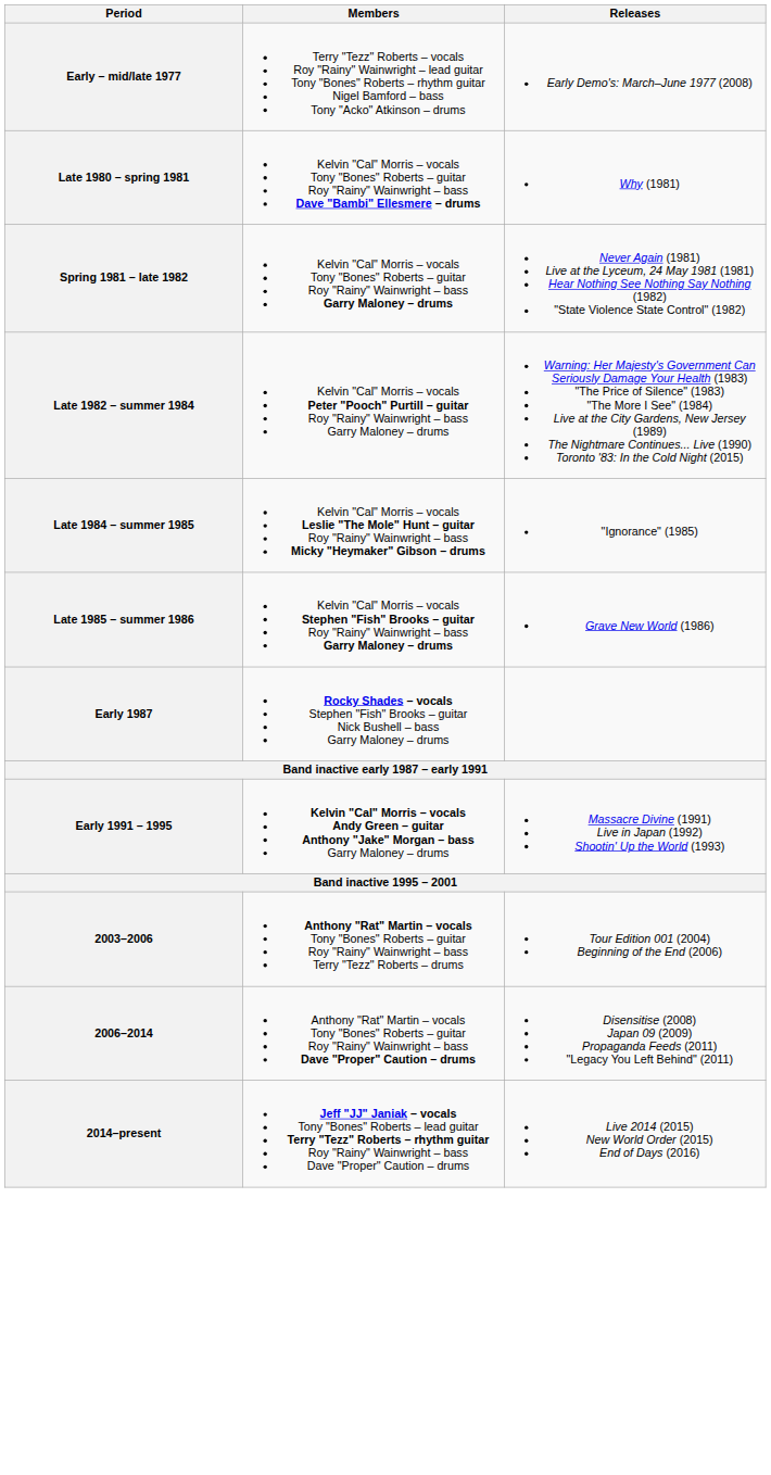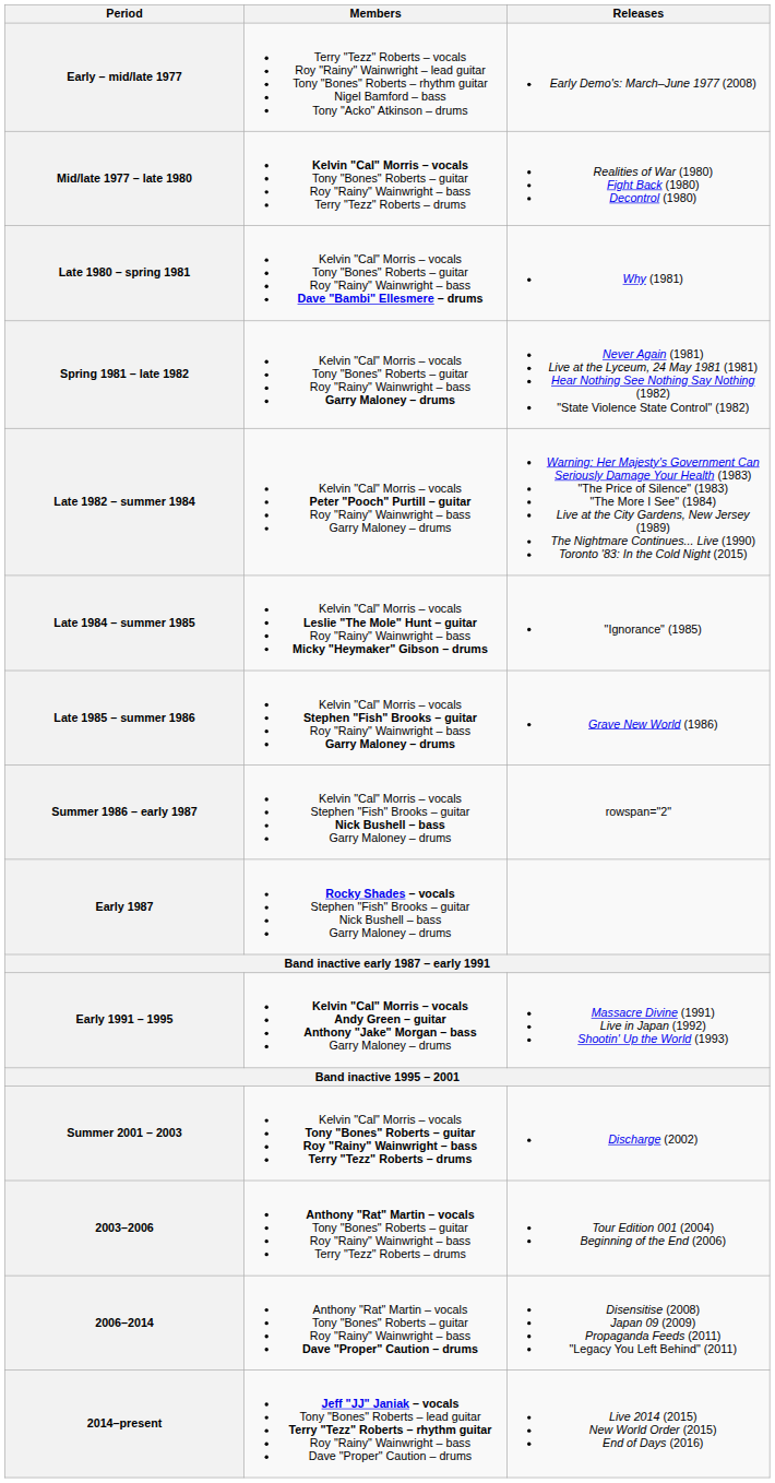 <table class="wikitable plainrowheaders" style="text-align:center;">
 <tr>
 <th scope="col" style="width:20em;">Period</th>
 <th scope="col" style="width:22em;">Members</th>
 <th scope="col" style="width:22em;">Releases</th>
 </tr>
 <tr>
 <th scope="col">Early – mid/late 1977</th>
 <td><br><ul><li>Terry "Tezz" Roberts – vocals</li><li>Roy "Rainy" Wainwright – lead guitar</li><li>Tony "Bones" Roberts – rhythm guitar</li><li>Nigel Bamford – bass</li><li>Tony "Acko" Atkinson – drums</li></ul></td>
 <td><br><ul><li><em>Early Demo's: March–June 1977</em> (2008)</li></ul></td>
+</tr>
+<tr>
+<th scope="col">Mid/late 1977 – late 1980</th>
+<td><br><ul><li><strong>Kelvin "Cal" Morris – vocals</strong></li><li>Tony "Bones" Roberts – guitar</li><li>Roy "Rainy" Wainwright – bass</li><li>Terry "Tezz" Roberts – drums</li></ul></td>
+<td><br><ul><li><em>Realities of War</em> (1980)</li><li><em><a href='#'>Fight Back</a></em> (1980)</li><li><em><a href='#'>Decontrol</a></em> (1980)</li></ul></td>
 </tr>
 <tr>
 <th scope="col">Late 1980 – spring 1981</th>
 <td><br><ul><li>Kelvin "Cal" Morris – vocals</li><li>Tony "Bones" Roberts – guitar</li><li>Roy "Rainy" Wainwright – bass</li><li><strong><a href='#'>Dave "Bambi" Ellesmere</a> – drums</strong></li></ul></td>
 <td><br><ul><li><em><a href='#'>Why</a></em> (1981)</li></ul></td>
 </tr>
 <tr>
 <th scope="col">Spring 1981 – late 1982</th>
 <td><br><ul><li>Kelvin "Cal" Morris – vocals</li><li>Tony "Bones" Roberts – guitar</li><li>Roy "Rainy" Wainwright – bass</li><li><strong>Garry Maloney – drums</strong></li></ul></td>
 <td><br><ul><li><em><a href='#'>Never Again</a></em> (1981)</li><li><em>Live at the Lyceum, 24 May 1981</em> (1981)</li><li><em><a href='#'>Hear Nothing See Nothing Say Nothing</a></em> (1982)</li><li>"State Violence State Control" (1982)</li></ul></td>
 </tr>
 <tr>
 <th scope="col">Late 1982 – summer 1984</th>
 <td><br><ul><li>Kelvin "Cal" Morris – vocals</li><li><strong>Peter "Pooch" Purtill – guitar</strong></li><li>Roy "Rainy" Wainwright – bass</li><li>Garry Maloney – drums</li></ul></td>
 <td><br><ul><li><em><a href='#'>Warning: Her Majesty's Government Can<br>Seriously Damage Your Health</a></em> (1983)</li><li>"The Price of Silence" (1983)</li><li>"The More I See" (1984)</li><li><em>Live at the City Gardens, New Jersey</em> (1989)</li><li><em>The Nightmare Continues... Live</em> (1990)</li><li><em>Toronto '83: In the Cold Night</em> (2015)</li></ul></td>
 </tr>
 <tr>
 <th scope="col">Late 1984 – summer 1985</th>
 <td><br><ul><li>Kelvin "Cal" Morris – vocals</li><li><strong>Leslie "The Mole" Hunt – guitar</strong></li><li>Roy "Rainy" Wainwright – bass</li><li><strong>Micky "Heymaker" Gibson – drums</strong></li></ul></td>
 <td><br><ul><li>"Ignorance" (1985)</li></ul></td>
 </tr>
 <tr>
 <th scope="col">Late 1985 – summer 1986</th>
 <td><br><ul><li>Kelvin "Cal" Morris – vocals</li><li><strong>Stephen "Fish" Brooks – guitar</strong></li><li>Roy "Rainy" Wainwright – bass</li><li><strong>Garry Maloney – drums</strong></li></ul></td>
 <td><br><ul><li><em><a href='#'>Grave New World</a></em> (1986)</li></ul></td>
 </tr>
 <tr>
+<th scope="col">Summer 1986 – early 1987</th>
+<td><br><ul><li>Kelvin "Cal" Morris – vocals</li><li>Stephen "Fish" Brooks – guitar</li><li><strong>Nick Bushell – bass</strong></li><li>Garry Maloney – drums</li></ul></td>
+<td>rowspan="2" </td>
+</tr>
+<tr>
 <th scope="col">Early 1987</th>
 <td><br><ul><li><strong><a href='#'>Rocky Shades</a> – vocals</strong></li><li>Stephen "Fish" Brooks – guitar</li><li>Nick Bushell – bass</li><li>Garry Maloney – drums</li></ul></td>
 </tr>
 <tr>
 <th scope="col" colspan="3">Band inactive early 1987 – early 1991</th>
 </tr>
 <tr>
 <th scope="col">Early 1991 – 1995</th>
 <td><br><ul><li><strong>Kelvin "Cal" Morris – vocals</strong></li><li><strong>Andy Green – guitar</strong></li><li><strong>Anthony "Jake" Morgan – bass</strong></li><li>Garry Maloney – drums</li></ul></td>
 <td><br><ul><li><em><a href='#'>Massacre Divine</a></em> (1991)</li><li><em>Live in Japan</em> (1992)</li><li><em><a href='#'>Shootin' Up the World</a></em> (1993)</li></ul></td>
 </tr>
 <tr>
 <th scope="col" colspan="3">Band inactive 1995 – 2001</th>
+</tr>
+<tr>
+<th scope="col">Summer 2001 – 2003</th>
+<td><br><ul><li>Kelvin "Cal" Morris – vocals</li><li><strong>Tony "Bones" Roberts – guitar</strong></li><li><strong>Roy "Rainy" Wainwright – bass</strong></li><li><strong>Terry "Tezz" Roberts – drums</strong></li></ul></td>
+<td><br><ul><li><em><a href='#'>Discharge</a></em> (2002)</li></ul></td>
 </tr>
 <tr>
 <th scope="col">2003–2006</th>
 <td><br><ul><li><strong>Anthony "Rat" Martin – vocals</strong></li><li>Tony "Bones" Roberts – guitar</li><li>Roy "Rainy" Wainwright – bass</li><li>Terry "Tezz" Roberts – drums</li></ul></td>
 <td><br><ul><li><em>Tour Edition 001</em> (2004)</li><li><em>Beginning of the End</em> (2006)</li></ul></td>
 </tr>
 <tr>
 <th scope="col">2006–2014</th>
 <td><br><ul><li>Anthony "Rat" Martin – vocals</li><li>Tony "Bones" Roberts – guitar</li><li>Roy "Rainy" Wainwright – bass</li><li><strong>Dave "Proper" Caution – drums</strong></li></ul></td>
 <td><br><ul><li><em>Disensitise</em> (2008)</li><li><em>Japan 09</em> (2009)</li><li><em>Propaganda Feeds</em> (2011)</li><li>"Legacy You Left Behind" (2011)</li></ul></td>
 </tr>
 <tr>
 <th scope="col">2014–present</th>
 <td><br><ul><li><strong><a href='#'>Jeff "JJ" Janiak</a> – vocals</strong></li><li>Tony "Bones" Roberts – lead guitar</li><li><strong>Terry "Tezz" Roberts – rhythm guitar</strong></li><li>Roy "Rainy" Wainwright – bass</li><li>Dave "Proper" Caution – drums</li></ul></td>
 <td><br><ul><li><em>Live 2014</em> (2015)</li><li><em>New World Order</em> (2015)</li><li><em>End of Days</em> (2016)</li></ul></td>
 </tr>
 </table>
